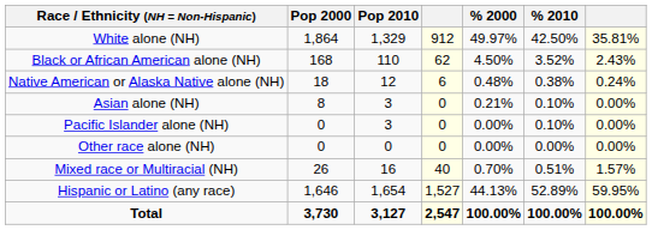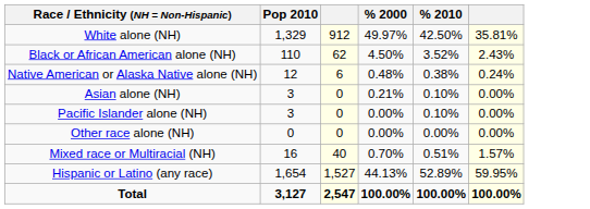 <table class="wikitable" style="text-align:center;">
 <tr>
 <th>Race / Ethnicity <small>(<em>NH = Non-Hispanic</em>)</small></th>
-<th>Pop 2000</th>
 <th>Pop 2010</th>
 <th></th>
 <th>% 2000</th>
 <th>% 2010</th>
 <th></th>
 </tr>
 <tr>
 <td><a href='#'>White</a> alone (NH)</td>
-<td>1,864</td>
 <td>1,329</td>
 <td style='background: #ffffe6;'>912</td>
 <td>49.97%</td>
 <td>42.50%</td>
 <td style='background: #ffffe6;'>35.81%</td>
 </tr>
 <tr>
 <td><a href='#'>Black or African American</a> alone (NH)</td>
-<td>168</td>
 <td>110</td>
 <td style='background: #ffffe6;'>62</td>
 <td>4.50%</td>
 <td>3.52%</td>
 <td style='background: #ffffe6;'>2.43%</td>
 </tr>
 <tr>
 <td><a href='#'>Native American</a> or <a href='#'>Alaska Native</a> alone (NH)</td>
-<td>18</td>
 <td>12</td>
 <td style='background: #ffffe6;'>6</td>
 <td>0.48%</td>
 <td>0.38%</td>
 <td style='background: #ffffe6;'>0.24%</td>
 </tr>
 <tr>
 <td><a href='#'>Asian</a> alone (NH)</td>
-<td>8</td>
 <td>3</td>
 <td style='background: #ffffe6;'>0</td>
 <td>0.21%</td>
 <td>0.10%</td>
 <td style='background: #ffffe6;'>0.00%</td>
 </tr>
 <tr>
 <td><a href='#'>Pacific Islander</a> alone (NH)</td>
-<td>0</td>
 <td>3</td>
 <td style='background: #ffffe6;'>0</td>
 <td>0.00%</td>
 <td>0.10%</td>
 <td style='background: #ffffe6;'>0.00%</td>
 </tr>
 <tr>
 <td><a href='#'>Other race</a> alone (NH)</td>
 <td>0</td>
-<td>0</td>
 <td style='background: #ffffe6;'>0</td>
 <td>0.00%</td>
 <td>0.00%</td>
 <td style='background: #ffffe6;'>0.00%</td>
 </tr>
 <tr>
 <td><a href='#'>Mixed race or Multiracial</a> (NH)</td>
-<td>26</td>
 <td>16</td>
 <td style='background: #ffffe6;'>40</td>
 <td>0.70%</td>
 <td>0.51%</td>
 <td style='background: #ffffe6;'>1.57%</td>
 </tr>
 <tr>
 <td><a href='#'>Hispanic or Latino</a> (any race)</td>
-<td>1,646</td>
 <td>1,654</td>
 <td style='background: #ffffe6;'>1,527</td>
 <td>44.13%</td>
 <td>52.89%</td>
 <td style='background: #ffffe6;'>59.95%</td>
 </tr>
 <tr>
 <td><strong>Total</strong></td>
-<td><strong>3,730</strong></td>
 <td><strong>3,127</strong></td>
 <td style='background: #ffffe6;'><strong>2,547</strong></td>
 <td><strong>100.00%</strong></td>
 <td><strong>100.00%</strong></td>
 <td style='background: #ffffe6;'><strong>100.00%</strong></td>
 </tr>
 </table>
